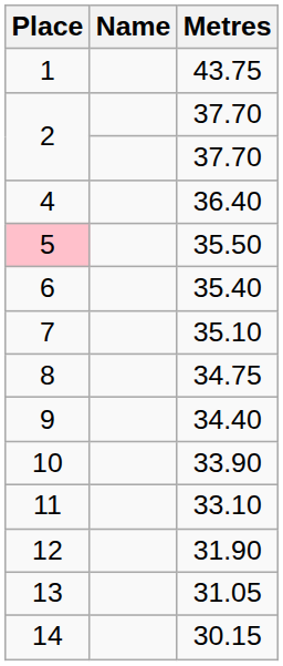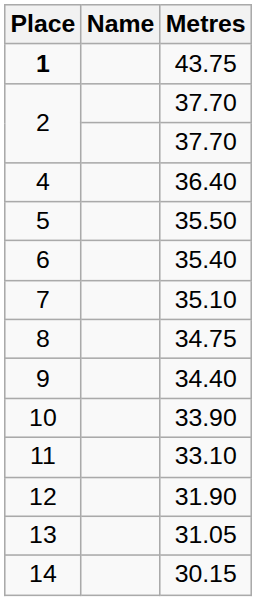 <table class="wikitable" style="text-align:center">
 <tr>
 <th>Place</th>
 <th>Name</th>
 <th>Metres</th>
 </tr>
 <tr>
-<td>1</td>
+<td><strong>1</strong></td>
 <td align=left></td>
 <td>43.75</td>
 </tr>
 <tr>
 <td rowspan=2>2</td>
 <td align=left></td>
 <td>37.70</td>
 </tr>
 <tr>
 <td align=left></td>
 <td>37.70</td>
 </tr>
 <tr>
 <td>4</td>
 <td align=left></td>
 <td>36.40</td>
 </tr>
 <tr>
-<td style="background: pink;">5</td>
+<td>5</td>
 <td align=left></td>
 <td>35.50</td>
 </tr>
 <tr>
 <td>6</td>
 <td align=left></td>
 <td>35.40</td>
 </tr>
 <tr>
 <td>7</td>
 <td align=left></td>
 <td>35.10</td>
 </tr>
 <tr>
 <td>8</td>
 <td align=left></td>
 <td>34.75</td>
 </tr>
 <tr>
 <td>9</td>
 <td align=left></td>
 <td>34.40</td>
 </tr>
 <tr>
 <td>10</td>
 <td align=left></td>
 <td>33.90</td>
 </tr>
 <tr>
 <td>11</td>
 <td align=left></td>
 <td>33.10</td>
 </tr>
 <tr>
 <td>12</td>
 <td align=left></td>
 <td>31.90</td>
 </tr>
 <tr>
 <td>13</td>
 <td align=left></td>
 <td>31.05</td>
 </tr>
 <tr>
 <td>14</td>
 <td align=left></td>
 <td>30.15</td>
 </tr>
 </table>
